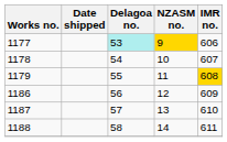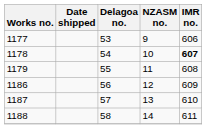 <table class="wikitable collapsible collapsed sortable" style="margin:0.5em auto; font-size:100%;">
 <tr>
 <th><br>Works no.</th>
 <th>Date<br>shipped</th>
 <th>Delagoa<br>no.</th>
 <th>NZASM<br>no.</th>
 <th>IMR<br>no.</th>
 </tr>
 <tr>
 <td>1177</td>
 <td></td>
-<td style="background: paleturquoise;">53</td>
-<td style="background: gold;">9</td>
+<td>53</td>
+<td>9</td>
 <td>606</td>
 </tr>
 <tr>
 <td>1178</td>
 <td></td>
 <td>54</td>
 <td>10</td>
-<td>607</td>
+<td><strong>607</strong></td>
 </tr>
 <tr>
 <td>1179</td>
 <td></td>
 <td>55</td>
 <td>11</td>
-<td style="background: gold;">608</td>
+<td>608</td>
 </tr>
 <tr>
 <td>1186</td>
 <td></td>
 <td>56</td>
 <td>12</td>
 <td>609</td>
 </tr>
 <tr>
 <td>1187</td>
 <td></td>
 <td>57</td>
 <td>13</td>
 <td>610</td>
 </tr>
 <tr>
 <td>1188</td>
 <td></td>
 <td>58</td>
 <td>14</td>
 <td>611</td>
 </tr>
 <tr>
 </tr>
 </table>
